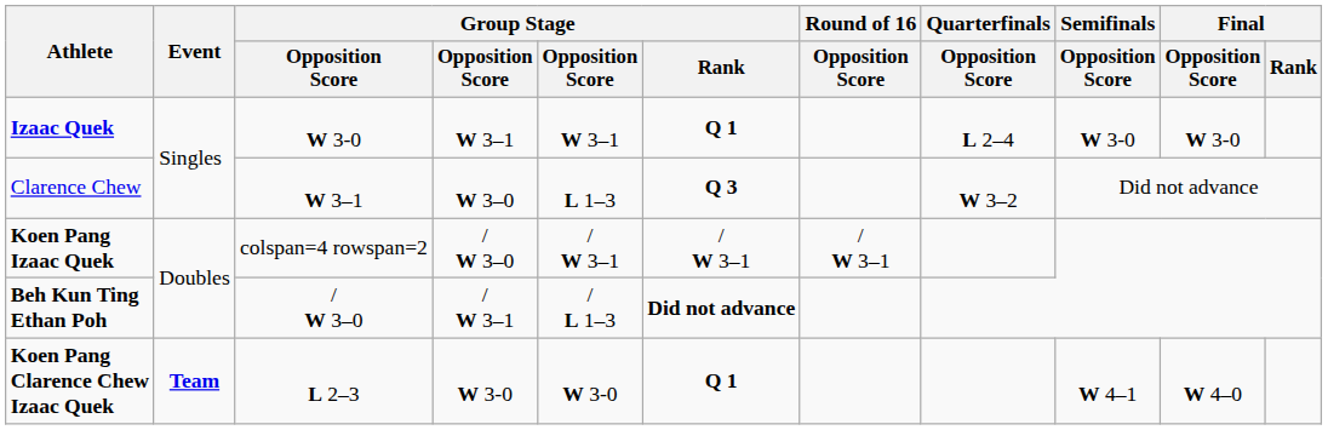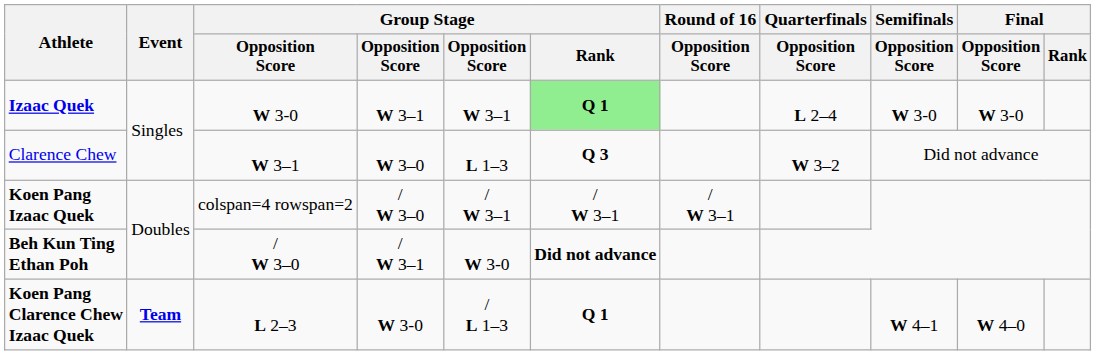 <table class="wikitable" style="font-size:90%">
 <tr>
 <th rowspan="2">Athlete</th>
 <th rowspan="2">Event</th>
 <th colspan="4">Group Stage</th>
 <th>Round of 16</th>
 <th>Quarterfinals</th>
 <th>Semifinals</th>
 <th colspan="2">Final</th>
 </tr>
 <tr style="font-size:95%">
 <th>Opposition<br>Score</th>
 <th>Opposition<br>Score</th>
 <th>Opposition<br>Score</th>
 <th>Rank</th>
 <th>Opposition<br>Score</th>
 <th>Opposition<br>Score</th>
 <th>Opposition<br>Score</th>
 <th>Opposition<br>Score</th>
 <th>Rank</th>
 </tr>
 <tr align="center">
 <td align="left"><strong><a href='#'>Izaac Quek</a></strong></td>
 <td rowspan="2" align="left">Singles</td>
 <td><br><strong>W</strong> 3-0</td>
 <td><br><strong>W</strong> 3–1</td>
 <td><br><strong>W</strong> 3–1</td>
-<td><strong>Q 1</strong></td>
+<td style="background: lightgreen;"><strong>Q 1</strong></td>
 <td></td>
 <td><br><strong>L</strong> 2–4</td>
 <td><br><strong>W</strong> 3-0</td>
 <td><br><strong>W</strong> 3-0</td>
 <td></td>
 </tr>
 <tr align="center">
 <td align="left"><a href='#'>Clarence Chew</a></td>
 <td><br><strong>W</strong> 3–1</td>
 <td><br><strong>W</strong> 3–0</td>
 <td><br><strong>L</strong> 1–3</td>
 <td><strong>Q 3</strong></td>
 <td></td>
 <td><br><strong>W</strong> 3–2</td>
 <td colspan="3">Did not advance</td>
 </tr>
 <tr align="center">
 <td align="left"><strong>Koen Pang</strong><br><strong>Izaac Quek</strong></td>
 <td rowspan="2" align="left">Doubles</td>
 <td>colspan=4 rowspan=2 </td>
 <td> / <br><strong>W</strong> 3–0</td>
 <td> / <br><strong>W</strong> 3–1</td>
 <td> / <br><strong>W</strong> 3–1</td>
 <td> / <br><strong>W</strong> 3–1</td>
 <td></td>
 </tr>
 <tr align="center">
 <td align="left"><strong>Beh Kun Ting</strong><br><strong>Ethan Poh</strong></td>
 <td> / <br><strong>W</strong> 3–0</td>
 <td> / <br><strong>W</strong> 3–1</td>
-<td> / <br><strong>L</strong> 1–3</td>
+<td><br><strong>W</strong> 3-0</td>
 <td><strong>Did not advance</strong></td>
 <td></td>
 </tr>
 <tr align="center">
 <td align="left"><strong>Koen Pang</strong><br><strong>Clarence Chew</strong><br><strong>Izaac Quek</strong></td>
 <td><strong><a href='#'>Team</a></strong></td>
 <td><br><strong>L</strong> 2–3</td>
 <td><br><strong>W</strong> 3-0</td>
-<td><br><strong>W</strong> 3-0</td>
+<td> / <br><strong>L</strong> 1–3</td>
 <td><strong>Q 1</strong></td>
 <td></td>
 <td></td>
 <td><br><strong>W</strong> 4–1</td>
 <td><br><strong>W</strong> 4–0</td>
 <td></td>
 </tr>
 </table>
